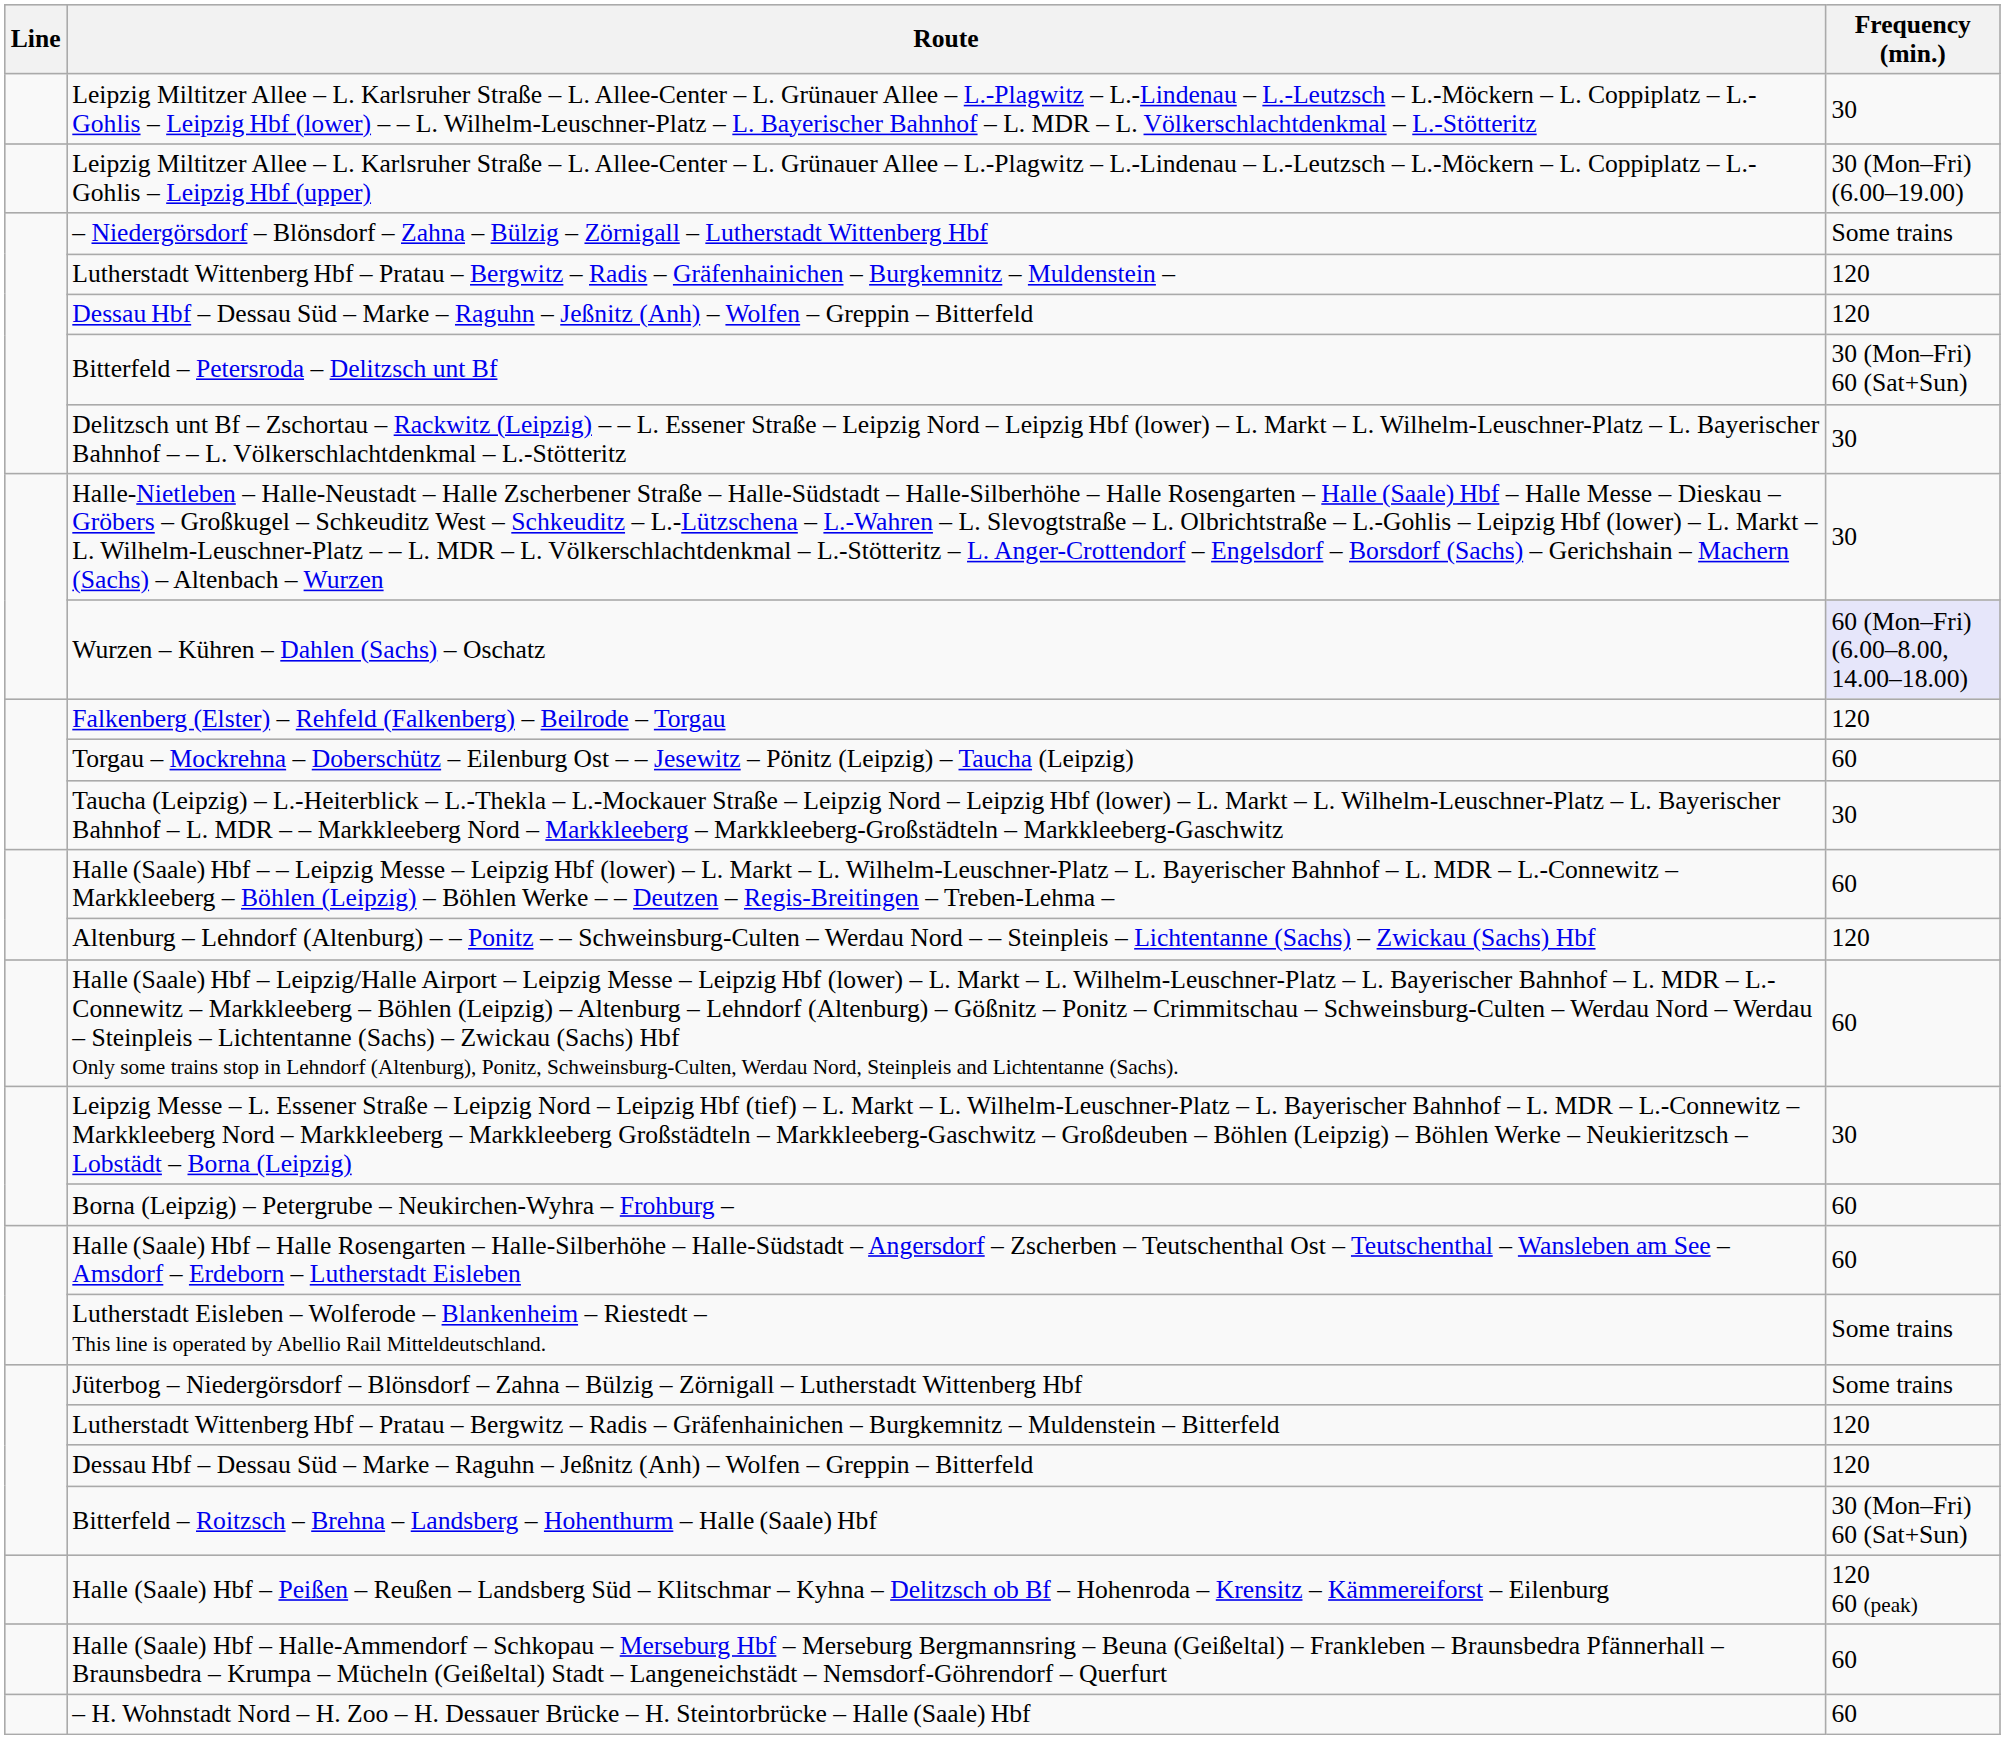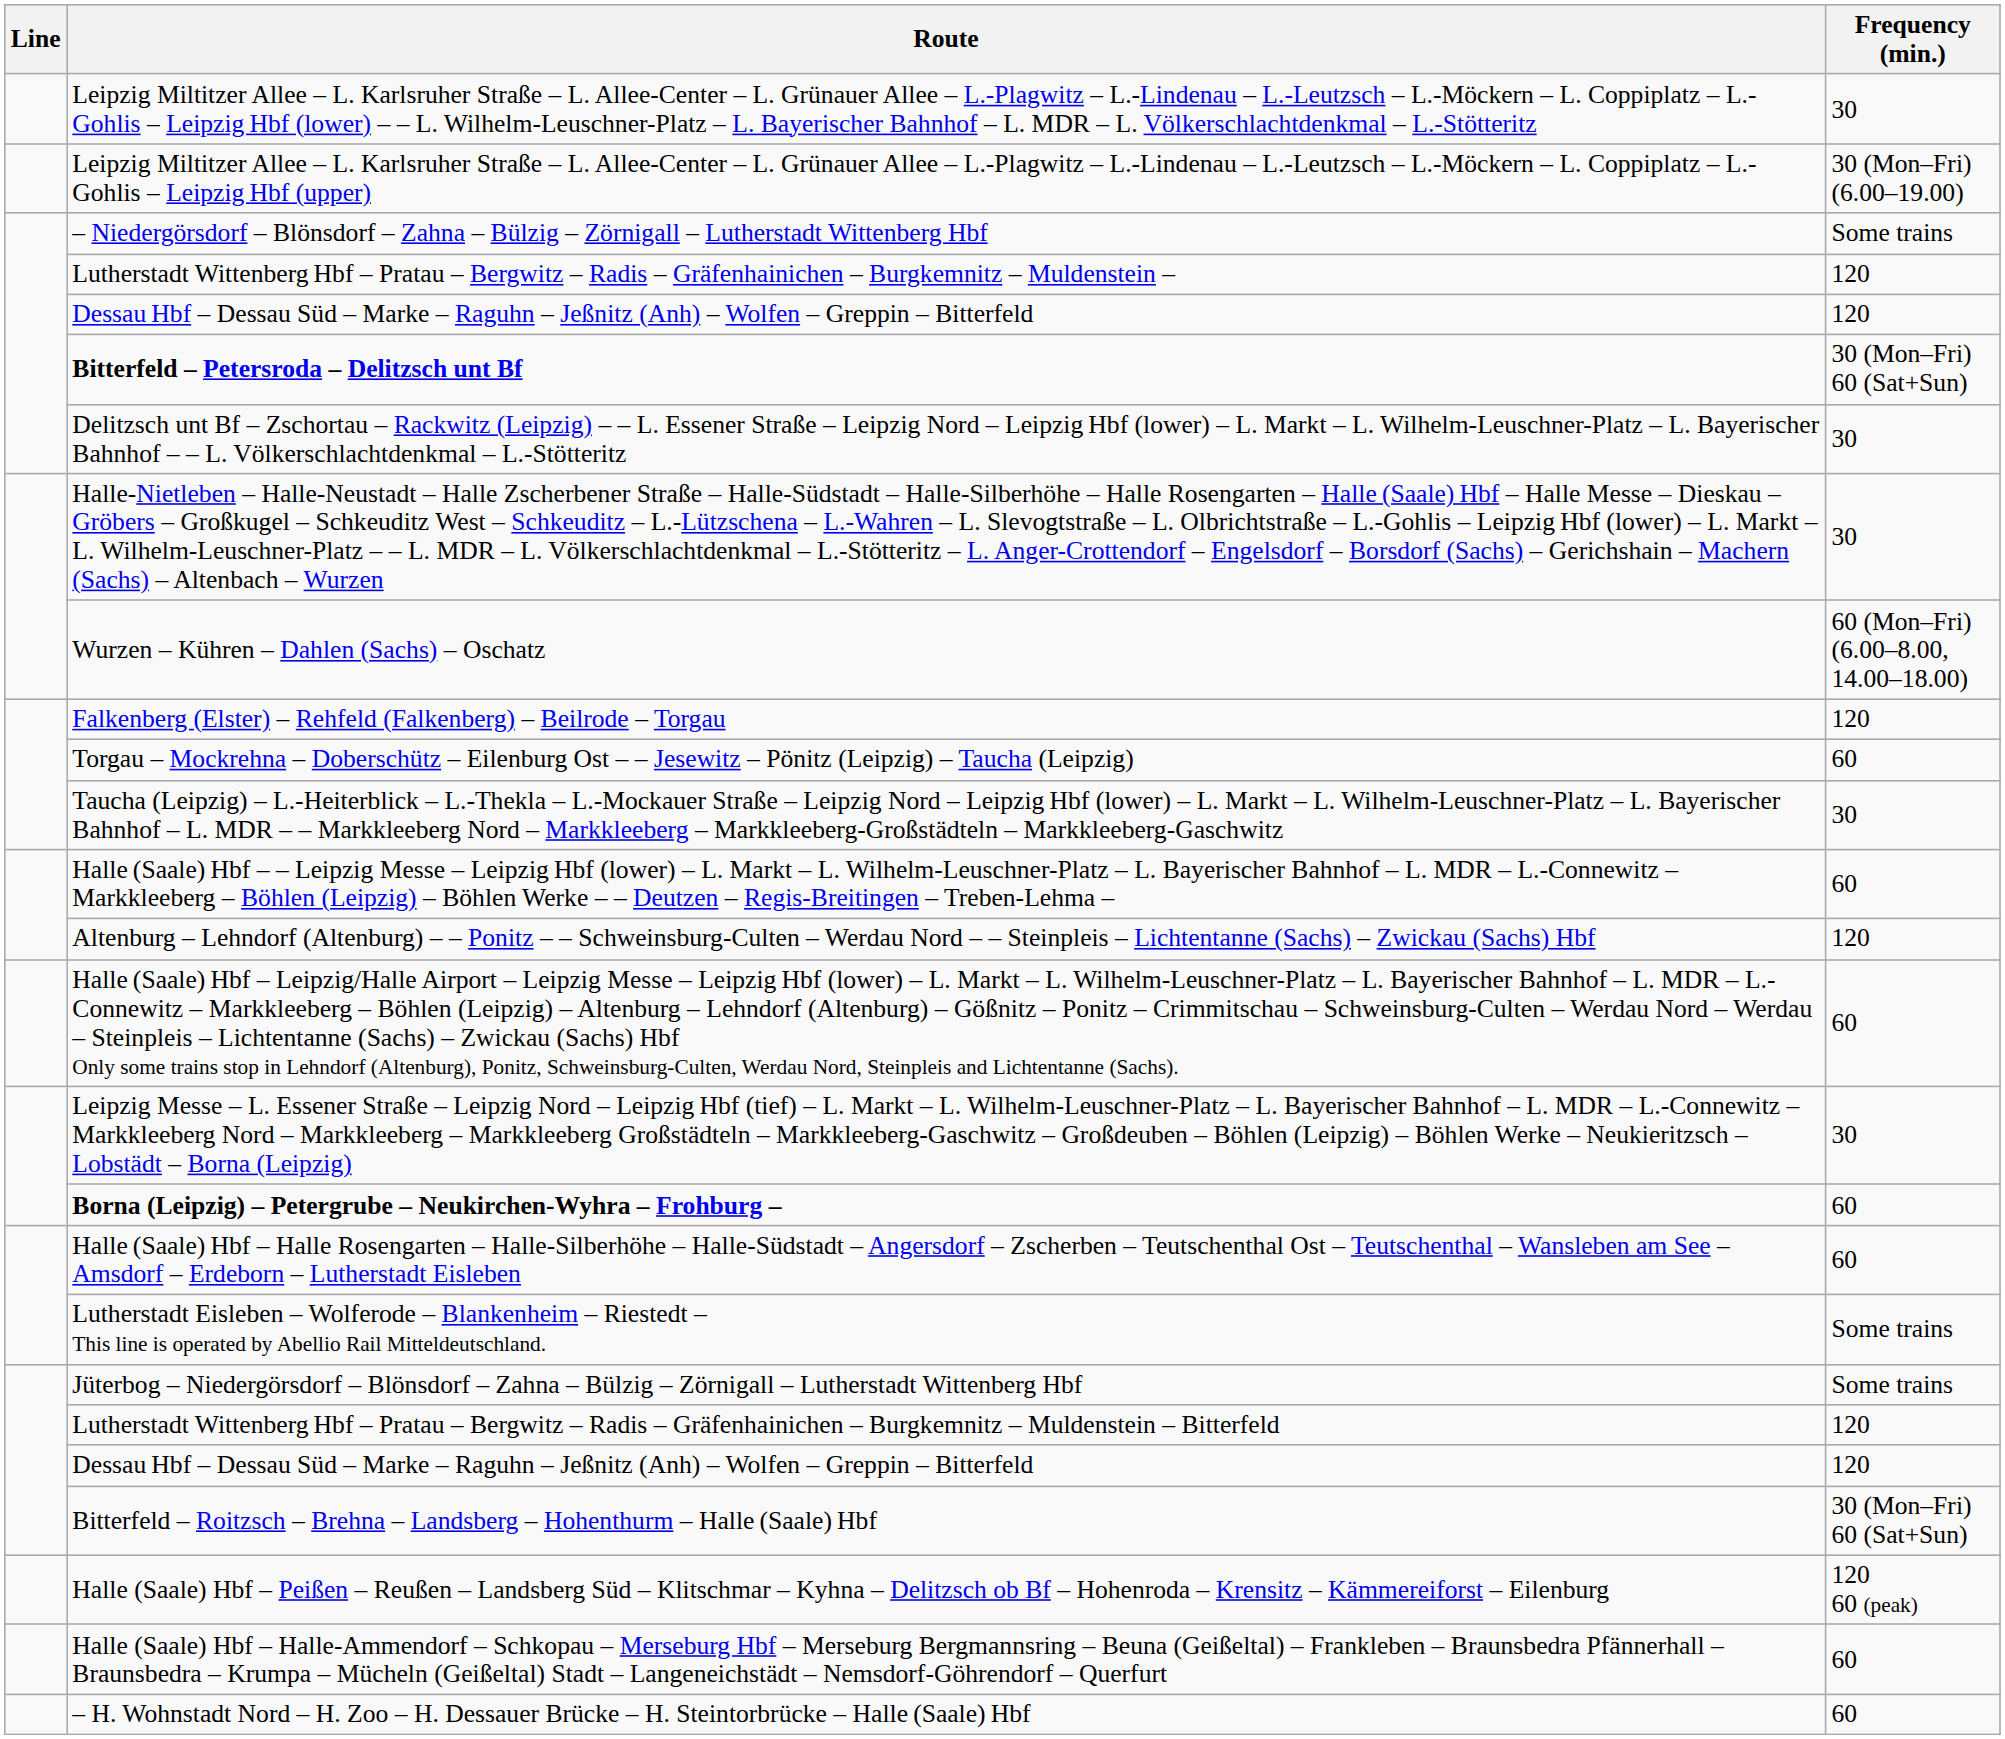 <table class="wikitable">
 <tr class=>
 <th>Line</th>
 <th>Route</th>
 <th>Frequency (min.)</th>
 </tr>
 <tr>
 <td style="text-align:center"></td>
 <td>Leipzig Miltitzer Allee – L. Karlsruher Straße – L. Allee-Center – L. Grünauer Allee – <a href='#'>L.-Plagwitz</a> – L.-<a href='#'>Lindenau</a> – <a href='#'>L.-Leutzsch</a> – L.-Möckern – L. Coppiplatz – L.-<a href='#'>Gohlis</a> – <a href='#'>Leipzig Hbf (lower)</a> –  – L. Wilhelm-Leuschner-Platz – <a href='#'>L. Bayerischer Bahnhof</a> – L. MDR – L. <a href='#'>Völkerschlachtdenkmal</a> – <a href='#'>L.-Stötteritz</a></td>
 <td>30</td>
 </tr>
 <tr>
 <td style="text-align:center"></td>
 <td>Leipzig Miltitzer Allee – L. Karlsruher Straße – L. Allee-Center – L. Grünauer Allee – L.-Plagwitz – L.-Lindenau – L.-Leutzsch – L.-Möckern – L. Coppiplatz – L.-Gohlis – <a href='#'>Leipzig Hbf (upper)</a></td>
 <td>30 (Mon–Fri) (6.00–19.00)</td>
 </tr>
 <tr>
 <td rowspan="5" style="text-align:center"></td>
 <td> – <a href='#'>Niedergörsdorf</a> – Blönsdorf – <a href='#'>Zahna</a> – <a href='#'>Bülzig</a> – <a href='#'>Zörnigall</a> – <a href='#'>Lutherstadt Wittenberg Hbf</a></td>
 <td>Some trains</td>
 </tr>
 <tr>
 <td>Lutherstadt Wittenberg Hbf – Pratau – <a href='#'>Bergwitz</a> – <a href='#'>Radis</a> – <a href='#'>Gräfenhainichen</a> – <a href='#'>Burgkemnitz</a> – <a href='#'>Muldenstein</a> – </td>
 <td>120</td>
 </tr>
 <tr>
 <td><a href='#'>Dessau Hbf</a> – Dessau Süd – Marke – <a href='#'>Raguhn</a> – <a href='#'>Jeßnitz (Anh)</a> – <a href='#'>Wolfen</a> – Greppin – Bitterfeld</td>
 <td>120</td>
 </tr>
 <tr>
-<td>Bitterfeld – <a href='#'>Petersroda</a> – <a href='#'>Delitzsch unt Bf</a></td>
+<td><strong>Bitterfeld – <a href='#'>Petersroda</a> – <a href='#'>Delitzsch unt Bf</a></strong></td>
 <td>30 (Mon–Fri)<br>60 (Sat+Sun)</td>
 </tr>
 <tr>
 <td>Delitzsch unt Bf – Zschortau – <a href='#'>Rackwitz (Leipzig)</a> –  – L. Essener Straße – Leipzig Nord – Leipzig Hbf (lower) – L. Markt – L. Wilhelm-Leuschner-Platz – L. Bayerischer Bahnhof –  – L. Völkerschlachtdenkmal – L.-Stötteritz</td>
 <td>30</td>
 </tr>
 <tr>
 <td rowspan="2" style="text-align:center"></td>
 <td>Halle-<a href='#'>Nietleben</a> – Halle-Neustadt – Halle Zscherbener Straße – Halle-Südstadt – Halle-Silberhöhe – Halle Rosengarten – <a href='#'>Halle (Saale) Hbf</a> – Halle Messe – Dieskau – <a href='#'>Gröbers</a> – Großkugel – Schkeuditz West – <a href='#'>Schkeuditz</a> – L.-<a href='#'>Lützschena</a> – <a href='#'>L.-Wahren</a> – L. Slevogtstraße – L. Olbrichtstraße – L.-Gohlis – Leipzig Hbf (lower) – L. Markt – L. Wilhelm-Leuschner-Platz –  – L. MDR – L. Völkerschlachtdenkmal – L.-Stötteritz – <a href='#'>L. Anger-Crottendorf</a> – <a href='#'>Engelsdorf</a> – <a href='#'>Borsdorf (Sachs)</a> – Gerichshain – <a href='#'>Machern (Sachs)</a> – Altenbach –  <a href='#'>Wurzen</a></td>
 <td>30</td>
 </tr>
 <tr>
 <td>Wurzen – Kühren – <a href='#'>Dahlen (Sachs)</a> – Oschatz</td>
-<td style="background: lavender;">60 (Mon–Fri)<br>(6.00–8.00, 14.00–18.00)</td>
+<td>60 (Mon–Fri)<br>(6.00–8.00, 14.00–18.00)</td>
 </tr>
 <tr>
 <td rowspan="3" style="text-align:center"></td>
 <td><a href='#'>Falkenberg (Elster)</a> – <a href='#'>Rehfeld (Falkenberg)</a> – <a href='#'>Beilrode</a> – <a href='#'>Torgau</a></td>
 <td>120</td>
 </tr>
 <tr>
 <td>Torgau – <a href='#'>Mockrehna</a> – <a href='#'>Doberschütz</a> – Eilenburg Ost –  – <a href='#'>Jesewitz</a> – Pönitz (Leipzig) – <a href='#'>Taucha</a> (Leipzig)</td>
 <td>60</td>
 </tr>
 <tr>
 <td>Taucha (Leipzig) – L.-Heiterblick – L.-Thekla – L.-Mockauer Straße – Leipzig Nord – Leipzig Hbf (lower) – L. Markt – L. Wilhelm-Leuschner-Platz – L. Bayerischer Bahnhof – L. MDR –  – Markkleeberg Nord – <a href='#'>Markkleeberg</a> – Markkleeberg-Großstädteln – Markkleeberg-Gaschwitz</td>
 <td>30</td>
 </tr>
 <tr>
 <td rowspan="2" style="text-align:center"></td>
 <td>Halle (Saale) Hbf –  – Leipzig Messe – Leipzig Hbf (lower) – L. Markt – L. Wilhelm-Leuschner-Platz – L. Bayerischer Bahnhof – L. MDR – L.-Connewitz –  Markkleeberg – <a href='#'>Böhlen (Leipzig)</a> – Böhlen Werke –  – <a href='#'>Deutzen</a> – <a href='#'>Regis-Breitingen</a> – Treben-Lehma – </td>
 <td>60</td>
 </tr>
 <tr>
 <td>Altenburg – Lehndorf (Altenburg) –  – <a href='#'>Ponitz</a> –  – Schweinsburg-Culten – Werdau Nord –  – Steinpleis – <a href='#'>Lichtentanne (Sachs)</a> – <a href='#'>Zwickau (Sachs) Hbf</a></td>
 <td>120</td>
 </tr>
 <tr>
 <td style="text-align:center"></td>
 <td>Halle (Saale) Hbf – Leipzig/Halle Airport – Leipzig Messe – Leipzig Hbf (lower) – L. Markt – L. Wilhelm-Leuschner-Platz – L. Bayerischer Bahnhof – L. MDR – L.-Connewitz –  Markkleeberg – Böhlen (Leipzig) – Altenburg – Lehndorf (Altenburg) – Gößnitz – Ponitz – Crimmitschau – Schweinsburg-Culten – Werdau Nord – Werdau – Steinpleis – Lichtentanne (Sachs) – Zwickau (Sachs) Hbf<br><small>Only some trains stop in Lehndorf (Altenburg), Ponitz, Schweinsburg-Culten, Werdau Nord, Steinpleis and Lichtentanne (Sachs).</small></td>
 <td>60</td>
 </tr>
 <tr>
 <td rowspan="2" style="text-align:center"></td>
 <td>Leipzig Messe – L. Essener Straße – Leipzig Nord – Leipzig Hbf (tief) – L. Markt – L. Wilhelm-Leuschner-Platz – L. Bayerischer Bahnhof – L. MDR – L.-Connewitz – Markkleeberg Nord – Markkleeberg – Markkleeberg Großstädteln – Markkleeberg-Gaschwitz – Großdeuben – Böhlen (Leipzig) – Böhlen Werke – Neukieritzsch – <a href='#'>Lobstädt</a> – <a href='#'>Borna (Leipzig)</a></td>
 <td>30</td>
 </tr>
 <tr>
-<td>Borna (Leipzig) – Petergrube – Neukirchen-Wyhra – <a href='#'>Frohburg</a> – </td>
+<td><strong>Borna (Leipzig) – Petergrube – Neukirchen-Wyhra – <a href='#'>Frohburg</a> – </strong></td>
 <td>60</td>
 </tr>
 <tr>
 <td rowspan="2" style="text-align:center"></td>
 <td>Halle (Saale) Hbf – Halle Rosengarten – Halle-Silberhöhe – Halle-Südstadt – <a href='#'>Angersdorf</a> – Zscherben – Teutschenthal Ost – <a href='#'>Teutschenthal</a> – <a href='#'>Wansleben am See</a> – <a href='#'>Amsdorf</a> –  <a href='#'>Erdeborn</a> – <a href='#'>Lutherstadt Eisleben</a></td>
 <td>60</td>
 </tr>
 <tr>
 <td>Lutherstadt Eisleben – Wolferode – <a href='#'>Blankenheim</a> – Riestedt – <br><small>This line is operated by Abellio Rail Mitteldeutschland.</small></td>
 <td>Some trains</td>
 </tr>
 <tr>
 <td rowspan="4" style="text-align:center"></td>
 <td>Jüterbog – Niedergörsdorf – Blönsdorf – Zahna – Bülzig – Zörnigall – Lutherstadt Wittenberg Hbf</td>
 <td>Some trains</td>
 </tr>
 <tr>
 <td>Lutherstadt Wittenberg Hbf – Pratau – Bergwitz – Radis – Gräfenhainichen – Burgkemnitz – Muldenstein – Bitterfeld</td>
 <td>120</td>
 </tr>
 <tr>
 <td>Dessau Hbf – Dessau Süd – Marke – Raguhn – Jeßnitz (Anh) – Wolfen – Greppin – Bitterfeld</td>
 <td>120</td>
 </tr>
 <tr>
 <td>Bitterfeld – <a href='#'>Roitzsch</a> – <a href='#'>Brehna</a> – <a href='#'>Landsberg</a> – <a href='#'>Hohenthurm</a> – Halle (Saale) Hbf</td>
 <td>30 (Mon–Fri)<br>60 (Sat+Sun)</td>
 </tr>
 <tr>
 <td style="text-align:center"></td>
 <td>Halle (Saale) Hbf – <a href='#'>Peißen</a> – Reußen – Landsberg Süd – Klitschmar – Kyhna – <a href='#'>Delitzsch ob Bf</a> – Hohenroda – <a href='#'>Krensitz</a> – <a href='#'>Kämmereiforst</a> – Eilenburg</td>
 <td>120<br>60 <small>(peak)</small></td>
 </tr>
 <tr>
 <td style="text-align:center"></td>
 <td>Halle (Saale) Hbf – Halle-Ammendorf – Schkopau – <a href='#'>Merseburg Hbf</a> – Merseburg Bergmannsring – Beuna (Geißeltal) – Frankleben – Braunsbedra Pfännerhall – Braunsbedra – Krumpa – Mücheln (Geißeltal) Stadt – Langeneichstädt – Nemsdorf-Göhrendorf – Querfurt</td>
 <td>60</td>
 </tr>
 <tr>
 <td style="text-align:center"></td>
 <td> – H. Wohnstadt Nord – H. Zoo – H. Dessauer Brücke – H. Steintorbrücke – Halle (Saale) Hbf</td>
 <td>60</td>
 </tr>
 </table>
